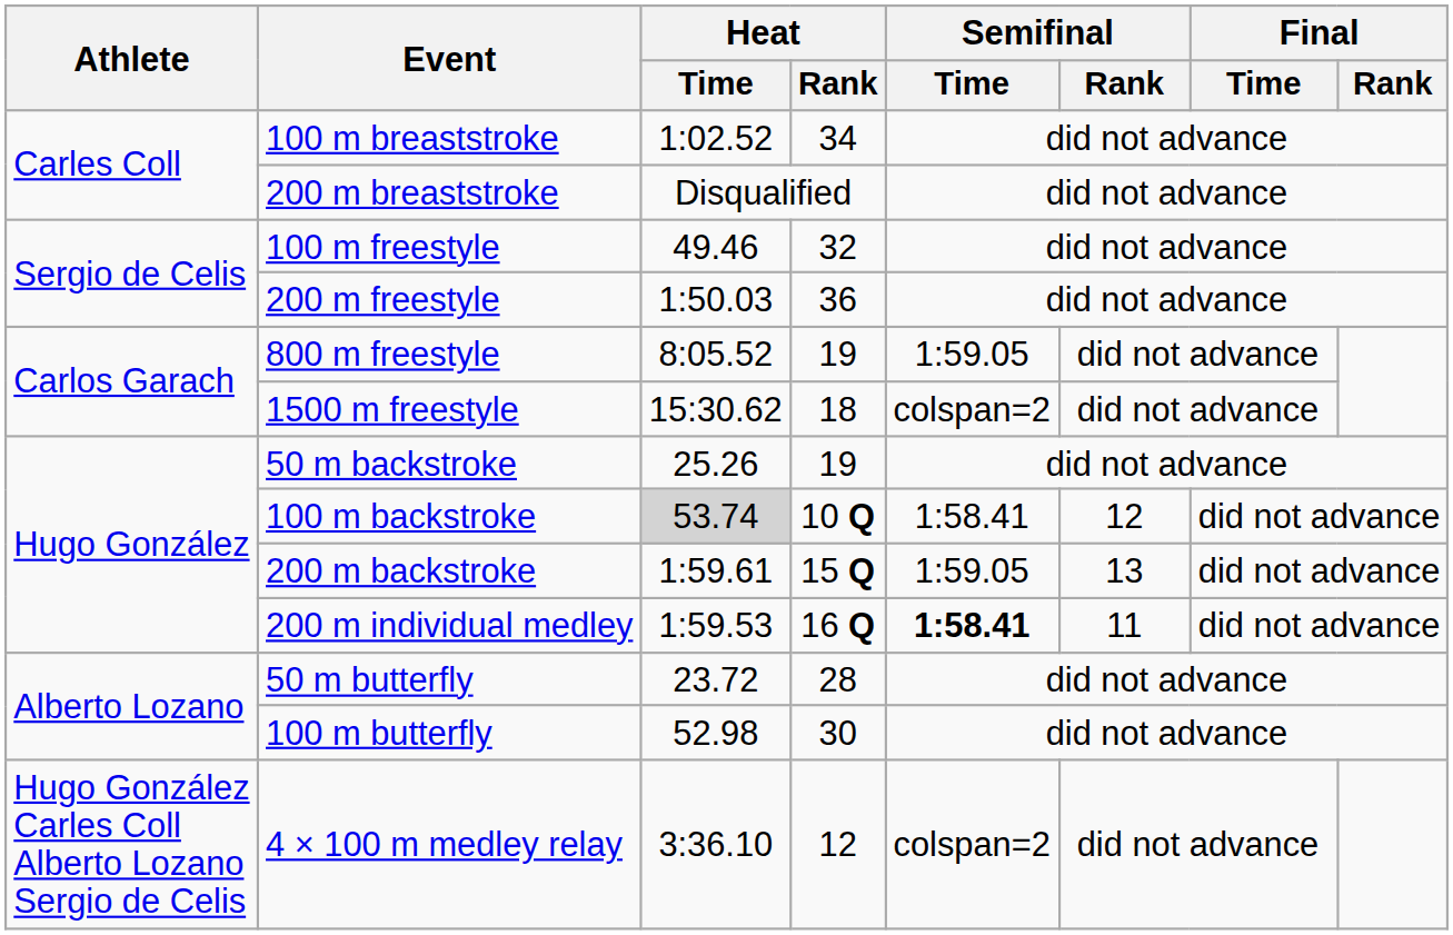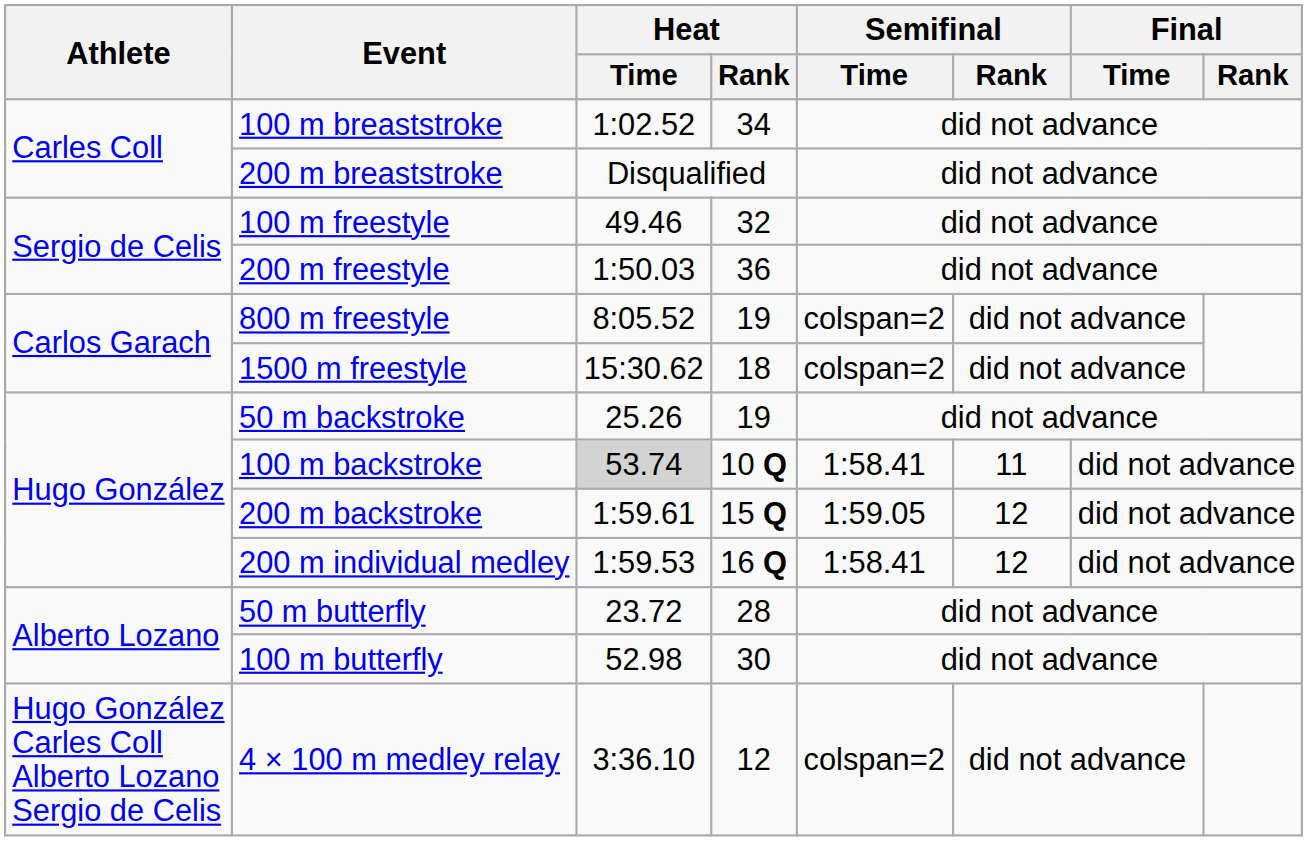 <table class=wikitable style="font-size:90%">
 <tr>
 <th rowspan="2">Athlete</th>
 <th rowspan="2">Event</th>
 <th colspan="2">Heat</th>
 <th colspan="2">Semifinal</th>
 <th colspan="2">Final</th>
 </tr>
 <tr style="font-size:95%">
 <th>Time</th>
 <th>Rank</th>
 <th>Time</th>
 <th>Rank</th>
 <th>Time</th>
 <th>Rank</th>
 </tr>
 <tr style="text-align:center">
 <td style="text-align:left" rowspan=2><a href='#'>Carles Coll</a></td>
 <td style="text-align:left"><a href='#'>100 m breaststroke</a></td>
 <td>1:02.52</td>
 <td>34</td>
 <td colspan=4>did not advance</td>
 </tr>
 <tr style="text-align:center">
 <td style="text-align:left"><a href='#'>200 m breaststroke</a></td>
 <td colspan=2>Disqualified</td>
 <td colspan=4>did not advance</td>
 </tr>
 <tr style="text-align:center">
 <td style="text-align:left" rowspan=2><a href='#'>Sergio de Celis</a></td>
 <td style="text-align:left"><a href='#'>100 m freestyle</a></td>
 <td>49.46</td>
 <td>32</td>
 <td colspan=4>did not advance</td>
 </tr>
 <tr style="text-align:center">
 <td style="text-align:left"><a href='#'>200 m freestyle</a></td>
 <td>1:50.03</td>
 <td>36</td>
 <td colspan=4>did not advance</td>
 </tr>
 <tr style="text-align:center">
 <td style="text-align:left" rowspan=2><a href='#'>Carlos Garach</a></td>
 <td style="text-align:left"><a href='#'>800 m freestyle</a></td>
 <td>8:05.52</td>
 <td>19</td>
-<td>1:59.05</td>
+<td>colspan=2 </td>
 <td colspan=2>did not advance</td>
 </tr>
 <tr style="text-align:center">
 <td style="text-align:left"><a href='#'>1500 m freestyle</a></td>
 <td>15:30.62</td>
 <td>18</td>
 <td>colspan=2 </td>
 <td colspan=2>did not advance</td>
 </tr>
 <tr style="text-align:center">
 <td style="text-align:left" rowspan=4><a href='#'>Hugo González</a></td>
 <td style="text-align:left"><a href='#'>50 m backstroke</a></td>
 <td>25.26</td>
 <td>19</td>
 <td colspan=4>did not advance</td>
 </tr>
 <tr style="text-align:center">
 <td style="text-align:left"><a href='#'>100 m backstroke</a></td>
 <td style="background: lightgrey;">53.74</td>
 <td>10 <strong>Q</strong></td>
 <td>1:58.41</td>
-<td>12</td>
+<td>11</td>
 <td colspan=2>did not advance</td>
 </tr>
 <tr style="text-align:center">
 <td style="text-align:left"><a href='#'>200 m backstroke</a></td>
 <td>1:59.61</td>
 <td>15 <strong>Q</strong></td>
 <td>1:59.05</td>
-<td>13</td>
+<td>12</td>
 <td colspan=2>did not advance</td>
 </tr>
 <tr style="text-align:center">
 <td style="text-align:left"><a href='#'>200 m individual medley</a></td>
 <td>1:59.53</td>
 <td>16 <strong>Q</strong></td>
-<td><strong>1:58.41</strong></td>
-<td>11</td>
+<td>1:58.41</td>
+<td>12</td>
 <td colspan=2>did not advance</td>
 </tr>
 <tr style="text-align:center">
 <td style="text-align:left" rowspan=2><a href='#'>Alberto Lozano</a></td>
 <td style="text-align:left"><a href='#'>50 m butterfly</a></td>
 <td>23.72</td>
 <td>28</td>
 <td colspan=4>did not advance</td>
 </tr>
 <tr style="text-align:center">
 <td style="text-align:left"><a href='#'>100 m butterfly</a></td>
 <td>52.98</td>
 <td>30</td>
 <td colspan=4>did not advance</td>
 </tr>
 <tr style="text-align:center">
 <td style="text-align:left"><a href='#'>Hugo González</a><br><a href='#'>Carles Coll</a> <br><a href='#'>Alberto Lozano</a> <br><a href='#'>Sergio de Celis</a></td>
 <td style="text-align:left"><a href='#'>4 × 100 m medley relay</a></td>
 <td>3:36.10</td>
 <td>12</td>
 <td>colspan=2 </td>
 <td colspan=2>did not advance</td>
 </tr>
 </table>
